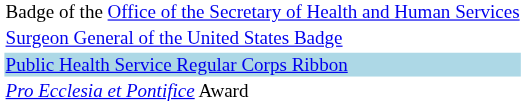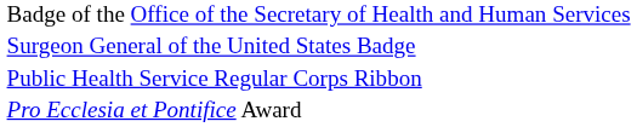 <table>
 <tr>
 <td> Badge of the <a href='#'>Office of the Secretary of Health and Human Services</a></td>
 </tr>
 <tr>
 <td> <a href='#'>Surgeon General of the United States Badge</a></td>
 </tr>
 <tr>
-<td style="background: lightblue;"> <a href='#'>Public Health Service Regular Corps Ribbon</a></td>
+<td> <a href='#'>Public Health Service Regular Corps Ribbon</a></td>
 </tr>
 <tr>
 <td> <em><a href='#'>Pro Ecclesia et Pontifice</a></em> Award</td>
 </tr>
 <tr>
 </tr>
 </table>
